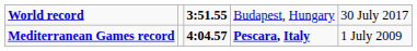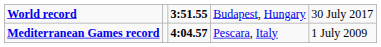 <table class="wikitable">
 <tr>
 <td><strong><a href='#'>World record</a></strong></td>
 <td></td>
 <td><strong>3:51.55</strong></td>
 <td><a href='#'>Budapest</a>, <a href='#'>Hungary</a></td>
 <td>30 July 2017</td>
 </tr>
 <tr>
 <td><strong><a href='#'>Mediterranean Games record</a></strong></td>
 <td></td>
 <td><strong>4:04.57</strong></td>
-<td><strong><a href='#'>Pescara</a>, <a href='#'>Italy</a></strong></td>
+<td><a href='#'>Pescara</a>, <a href='#'>Italy</a></td>
 <td>1 July 2009</td>
 </tr>
 </table>
